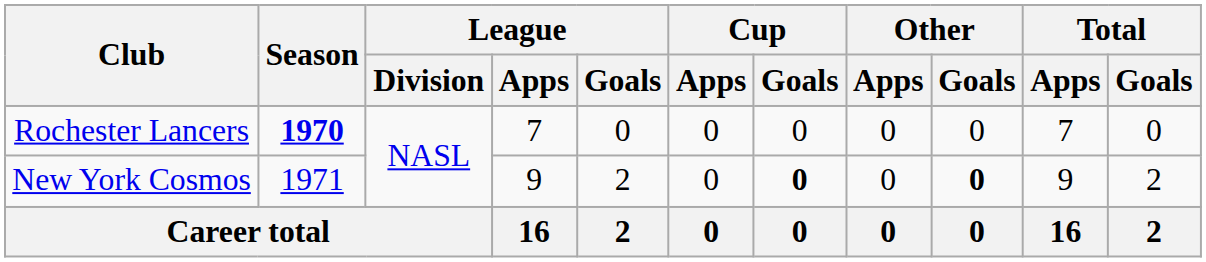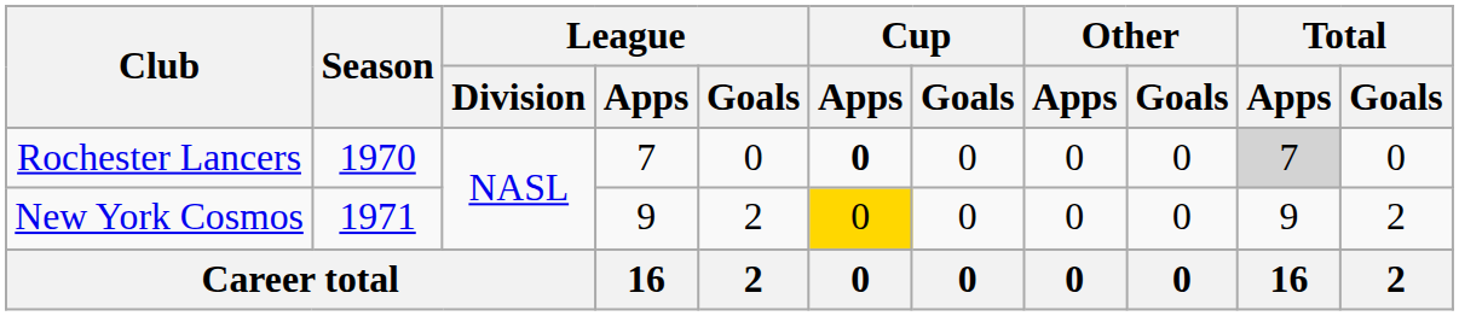 <table class="wikitable" style="text-align: center">
 <tr>
 <th rowspan="2">Club</th>
 <th rowspan="2">Season</th>
 <th colspan="3">League</th>
 <th colspan="2">Cup</th>
 <th colspan="2">Other</th>
 <th colspan="2">Total</th>
 </tr>
 <tr>
 <th>Division</th>
 <th>Apps</th>
 <th>Goals</th>
 <th>Apps</th>
 <th>Goals</th>
 <th>Apps</th>
 <th>Goals</th>
 <th>Apps</th>
 <th>Goals</th>
 </tr>
 <tr>
 <td><a href='#'>Rochester Lancers</a></td>
-<td><strong><a href='#'>1970</a></strong></td>
+<td><a href='#'>1970</a></td>
 <td rowspan="2"><a href='#'>NASL</a></td>
 <td>7</td>
 <td>0</td>
+<td><strong>0</strong></td>
 <td>0</td>
 <td>0</td>
 <td>0</td>
-<td>0</td>
-<td>7</td>
+<td style="background: lightgrey;">7</td>
 <td>0</td>
 </tr>
 <tr>
 <td><a href='#'>New York Cosmos</a></td>
 <td><a href='#'>1971</a></td>
 <td>9</td>
 <td>2</td>
+<td style="background: gold;">0</td>
 <td>0</td>
-<td><strong>0</strong></td>
 <td>0</td>
-<td><strong>0</strong></td>
+<td>0</td>
 <td>9</td>
 <td>2</td>
 </tr>
 <tr>
 <th colspan="3"><strong>Career total</strong></th>
 <th>16</th>
 <th>2</th>
 <th>0</th>
 <th>0</th>
 <th>0</th>
 <th>0</th>
 <th>16</th>
 <th>2</th>
 </tr>
 </table>
